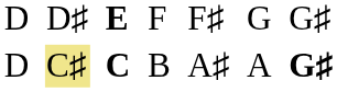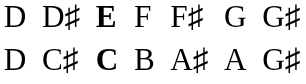 <table>
 <tr>
 <td>D</td>
 <td></td>
 <td>D♯</td>
 <td></td>
 <td><strong>E</strong></td>
 <td></td>
 <td>F</td>
 <td></td>
 <td>F♯</td>
 <td></td>
 <td>G</td>
 <td></td>
 <td>G♯</td>
 </tr>
 <tr>
 <td>D</td>
 <td></td>
-<td style="background: khaki;">C♯</td>
+<td>C♯</td>
 <td></td>
 <td><strong>C</strong></td>
 <td></td>
 <td>B</td>
 <td></td>
 <td>A♯</td>
 <td></td>
 <td>A</td>
 <td></td>
-<td><strong>G♯</strong></td>
+<td>G♯</td>
 </tr>
 </table>
